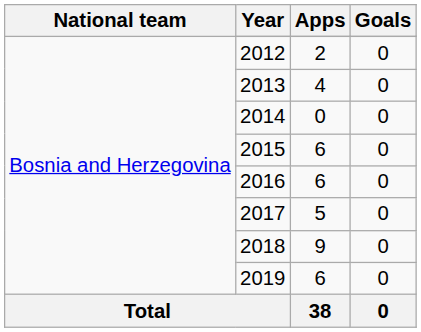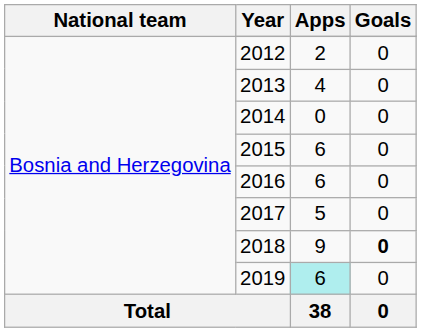 <table class="wikitable" style="text-align:center">
 <tr>
 <th>National team</th>
 <th>Year</th>
 <th>Apps</th>
 <th>Goals</th>
 </tr>
 <tr>
 <td rowspan=9><a href='#'>Bosnia and Herzegovina</a></td>
 </tr>
 <tr>
 <td>2012</td>
 <td>2</td>
 <td>0</td>
 </tr>
 <tr>
 <td>2013</td>
 <td>4</td>
 <td>0</td>
 </tr>
 <tr>
 <td>2014</td>
 <td>0</td>
 <td>0</td>
 </tr>
 <tr>
 <td>2015</td>
 <td>6</td>
 <td>0</td>
 </tr>
 <tr>
 <td>2016</td>
 <td>6</td>
 <td>0</td>
 </tr>
 <tr>
 <td>2017</td>
 <td>5</td>
 <td>0</td>
 </tr>
 <tr>
 <td>2018</td>
 <td>9</td>
-<td>0</td>
+<td><strong>0</strong></td>
 </tr>
 <tr>
 <td>2019</td>
-<td>6</td>
+<td style="background: paleturquoise;">6</td>
 <td>0</td>
 </tr>
 <tr>
 <th colspan=2>Total</th>
 <th>38</th>
 <th>0</th>
 </tr>
 </table>
